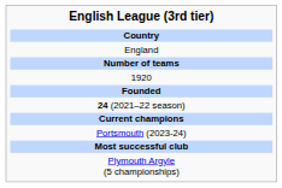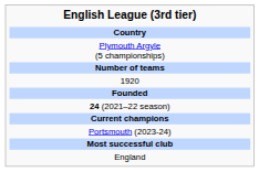 <table class="infobox football" style="width: 22em; text-align: center;">
 <tr>
 <th style="font-size: 16px;">English League (3rd tier)</th>
 </tr>
 <tr>
 <th style="font-size: 12px;"></th>
 </tr>
 <tr>
 <td style="font-size: 12px; background: #BFD7FF;"><strong>Country</strong></td>
 </tr>
 <tr>
-<td style="font-size: 12px;">England<br></td>
+<td style="font-size: 12px;"><a href='#'>Plymouth Argyle</a><br>(5 championships)</td>
 </tr>
 <tr>
 <td style="font-size: 12px; background: #BFD7FF;"><strong>Number of teams</strong></td>
 </tr>
 <tr>
 <td style="font-size: 12px;">1920</td>
 </tr>
 <tr>
 <td style="font-size: 12px; background: #BFD7FF;"><strong>Founded</strong></td>
 </tr>
 <tr>
 <td style="font-size: 12px;"><strong>24</strong> (2021–22 season)</td>
 </tr>
 <tr>
 <td style="font-size: 12px; background: #BFD7FF;"><strong>Current champions</strong></td>
 </tr>
 <tr>
 <td style="font-size: 12px;"><a href='#'>Portsmouth</a> (2023-24)</td>
 </tr>
 <tr>
 <td style="font-size: 12px; background: #BFD7FF;"><strong>Most successful club</strong></td>
 </tr>
 <tr>
-<td style="font-size: 12px;"><a href='#'>Plymouth Argyle</a><br>(5 championships)</td>
+<td style="font-size: 12px;">England<br></td>
 </tr>
 </table>
